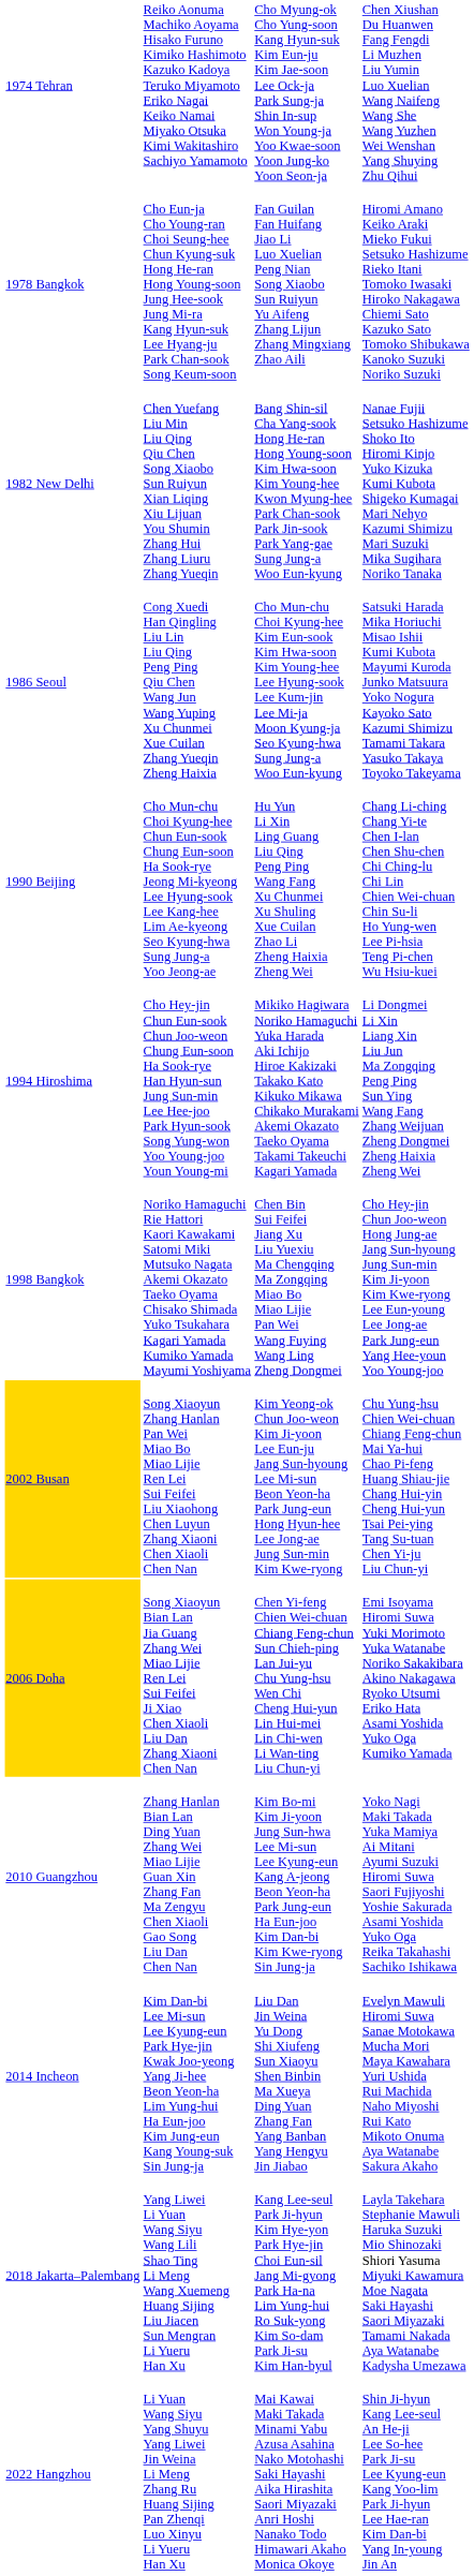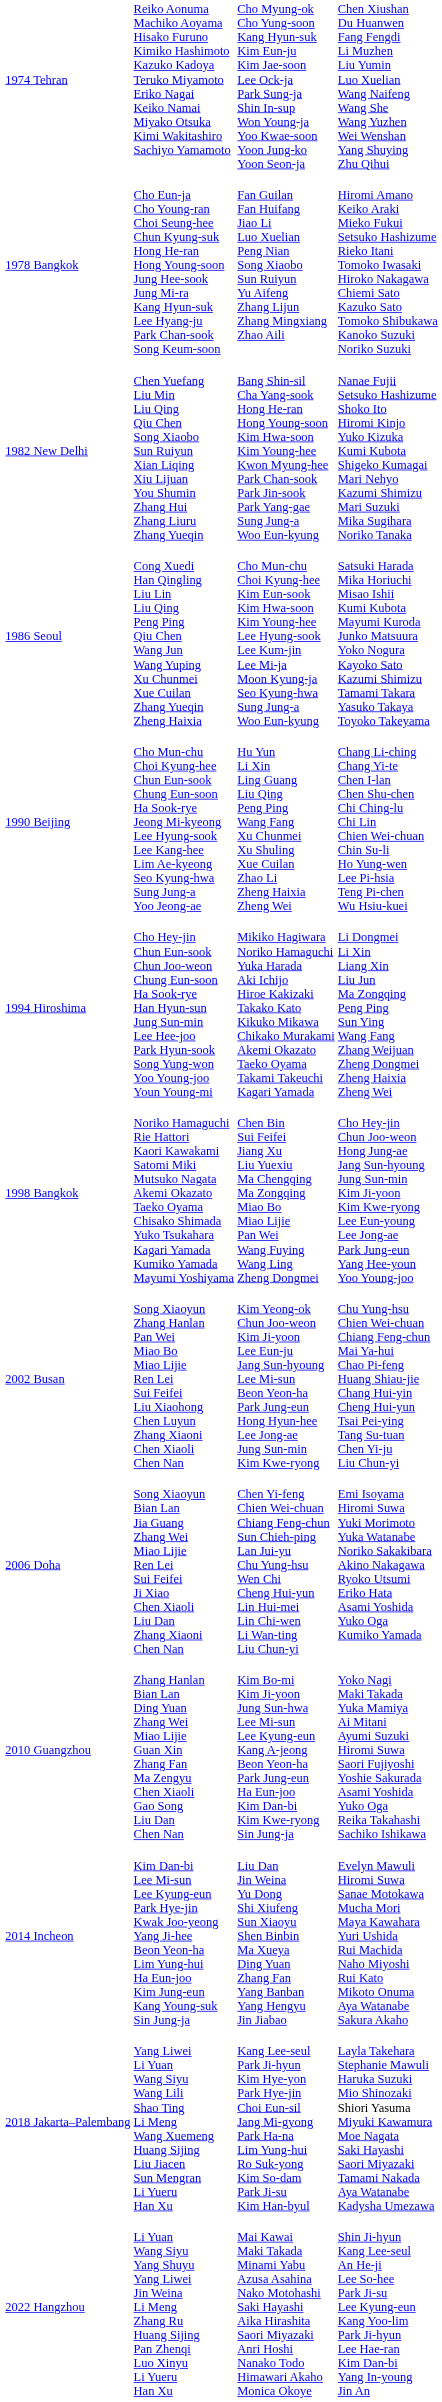 <table>
 <tr>
 <td><a href='#'>1974 Tehran</a></td>
 <td valign=top><br><a href='#'>Reiko Aonuma</a><br><a href='#'>Machiko Aoyama</a><br><a href='#'>Hisako Furuno</a><br><a href='#'>Kimiko Hashimoto</a><br><a href='#'>Kazuko Kadoya</a><br><a href='#'>Teruko Miyamoto</a><br><a href='#'>Eriko Nagai</a><br><a href='#'>Keiko Namai</a><br><a href='#'>Miyako Otsuka</a><br><a href='#'>Kimi Wakitashiro</a><br><a href='#'>Sachiyo Yamamoto</a></td>
 <td><br><a href='#'>Cho Myung-ok</a><br><a href='#'>Cho Yung-soon</a><br><a href='#'>Kang Hyun-suk</a><br><a href='#'>Kim Eun-ju</a><br><a href='#'>Kim Jae-soon</a><br><a href='#'>Lee Ock-ja</a><br><a href='#'>Park Sung-ja</a><br><a href='#'>Shin In-sup</a><br><a href='#'>Won Young-ja</a><br><a href='#'>Yoo Kwae-soon</a><br><a href='#'>Yoon Jung-ko</a><br><a href='#'>Yoon Seon-ja</a></td>
 <td><br><a href='#'>Chen Xiushan</a><br><a href='#'>Du Huanwen</a><br><a href='#'>Fang Fengdi</a><br><a href='#'>Li Muzhen</a><br><a href='#'>Liu Yumin</a><br><a href='#'>Luo Xuelian</a><br><a href='#'>Wang Naifeng</a><br><a href='#'>Wang She</a><br><a href='#'>Wang Yuzhen</a><br><a href='#'>Wei Wenshan</a><br><a href='#'>Yang Shuying</a><br><a href='#'>Zhu Qihui</a></td>
 </tr>
 <tr>
 <td><a href='#'>1978 Bangkok</a></td>
 <td><br><a href='#'>Cho Eun-ja</a><br><a href='#'>Cho Young-ran</a><br><a href='#'>Choi Seung-hee</a><br><a href='#'>Chun Kyung-suk</a><br><a href='#'>Hong He-ran</a><br><a href='#'>Hong Young-soon</a><br><a href='#'>Jung Hee-sook</a><br><a href='#'>Jung Mi-ra</a><br><a href='#'>Kang Hyun-suk</a><br><a href='#'>Lee Hyang-ju</a><br><a href='#'>Park Chan-sook</a><br><a href='#'>Song Keum-soon</a></td>
 <td valign=top><br><a href='#'>Fan Guilan</a><br><a href='#'>Fan Huifang</a><br><a href='#'>Jiao Li</a><br><a href='#'>Luo Xuelian</a><br><a href='#'>Peng Nian</a><br><a href='#'>Song Xiaobo</a><br><a href='#'>Sun Ruiyun</a><br><a href='#'>Yu Aifeng</a><br><a href='#'>Zhang Lijun</a><br><a href='#'>Zhang Mingxiang</a><br><a href='#'>Zhao Aili</a></td>
 <td><br><a href='#'>Hiromi Amano</a><br><a href='#'>Keiko Araki</a><br><a href='#'>Mieko Fukui</a><br><a href='#'>Setsuko Hashizume</a><br><a href='#'>Rieko Itani</a><br><a href='#'>Tomoko Iwasaki</a><br><a href='#'>Hiroko Nakagawa</a><br><a href='#'>Chiemi Sato</a><br><a href='#'>Kazuko Sato</a><br><a href='#'>Tomoko Shibukawa</a><br><a href='#'>Kanoko Suzuki</a><br><a href='#'>Noriko Suzuki</a></td>
 </tr>
 <tr>
 <td><a href='#'>1982 New Delhi</a></td>
 <td><br><a href='#'>Chen Yuefang</a><br><a href='#'>Liu Min</a><br><a href='#'>Liu Qing</a><br><a href='#'>Qiu Chen</a><br><a href='#'>Song Xiaobo</a><br><a href='#'>Sun Ruiyun</a><br><a href='#'>Xian Liqing</a><br><a href='#'>Xiu Lijuan</a><br><a href='#'>You Shumin</a><br><a href='#'>Zhang Hui</a><br><a href='#'>Zhang Liuru</a><br><a href='#'>Zhang Yueqin</a></td>
 <td><br><a href='#'>Bang Shin-sil</a><br><a href='#'>Cha Yang-sook</a><br><a href='#'>Hong He-ran</a><br><a href='#'>Hong Young-soon</a><br><a href='#'>Kim Hwa-soon</a><br><a href='#'>Kim Young-hee</a><br><a href='#'>Kwon Myung-hee</a><br><a href='#'>Park Chan-sook</a><br><a href='#'>Park Jin-sook</a><br><a href='#'>Park Yang-gae</a><br><a href='#'>Sung Jung-a</a><br><a href='#'>Woo Eun-kyung</a></td>
 <td><br><a href='#'>Nanae Fujii</a><br><a href='#'>Setsuko Hashizume</a><br><a href='#'>Shoko Ito</a><br><a href='#'>Hiromi Kinjo</a><br><a href='#'>Yuko Kizuka</a><br><a href='#'>Kumi Kubota</a><br><a href='#'>Shigeko Kumagai</a><br><a href='#'>Mari Nehyo</a><br><a href='#'>Kazumi Shimizu</a><br><a href='#'>Mari Suzuki</a><br><a href='#'>Mika Sugihara</a><br><a href='#'>Noriko Tanaka</a></td>
 </tr>
 <tr>
 <td><a href='#'>1986 Seoul</a></td>
 <td><br><a href='#'>Cong Xuedi</a><br><a href='#'>Han Qingling</a><br><a href='#'>Liu Lin</a><br><a href='#'>Liu Qing</a><br><a href='#'>Peng Ping</a><br><a href='#'>Qiu Chen</a><br><a href='#'>Wang Jun</a><br><a href='#'>Wang Yuping</a><br><a href='#'>Xu Chunmei</a><br><a href='#'>Xue Cuilan</a><br><a href='#'>Zhang Yueqin</a><br><a href='#'>Zheng Haixia</a></td>
 <td><br><a href='#'>Cho Mun-chu</a><br><a href='#'>Choi Kyung-hee</a><br><a href='#'>Kim Eun-sook</a><br><a href='#'>Kim Hwa-soon</a><br><a href='#'>Kim Young-hee</a><br><a href='#'>Lee Hyung-sook</a><br><a href='#'>Lee Kum-jin</a><br><a href='#'>Lee Mi-ja</a><br><a href='#'>Moon Kyung-ja</a><br><a href='#'>Seo Kyung-hwa</a><br><a href='#'>Sung Jung-a</a><br><a href='#'>Woo Eun-kyung</a></td>
 <td><br><a href='#'>Satsuki Harada</a><br><a href='#'>Mika Horiuchi</a><br><a href='#'>Misao Ishii</a><br><a href='#'>Kumi Kubota</a><br><a href='#'>Mayumi Kuroda</a><br><a href='#'>Junko Matsuura</a><br><a href='#'>Yoko Nogura</a><br><a href='#'>Kayoko Sato</a><br><a href='#'>Kazumi Shimizu</a><br><a href='#'>Tamami Takara</a><br><a href='#'>Yasuko Takaya</a><br><a href='#'>Toyoko Takeyama</a></td>
 </tr>
 <tr>
 <td><a href='#'>1990 Beijing</a></td>
 <td><br><a href='#'>Cho Mun-chu</a><br><a href='#'>Choi Kyung-hee</a><br><a href='#'>Chun Eun-sook</a><br><a href='#'>Chung Eun-soon</a><br><a href='#'>Ha Sook-rye</a><br><a href='#'>Jeong Mi-kyeong</a><br><a href='#'>Lee Hyung-sook</a><br><a href='#'>Lee Kang-hee</a><br><a href='#'>Lim Ae-kyeong</a><br><a href='#'>Seo Kyung-hwa</a><br><a href='#'>Sung Jung-a</a><br><a href='#'>Yoo Jeong-ae</a></td>
 <td><br><a href='#'>Hu Yun</a><br><a href='#'>Li Xin</a><br><a href='#'>Ling Guang</a><br><a href='#'>Liu Qing</a><br><a href='#'>Peng Ping</a><br><a href='#'>Wang Fang</a><br><a href='#'>Xu Chunmei</a><br><a href='#'>Xu Shuling</a><br><a href='#'>Xue Cuilan</a><br><a href='#'>Zhao Li</a><br><a href='#'>Zheng Haixia</a><br><a href='#'>Zheng Wei</a></td>
 <td><br><a href='#'>Chang Li-ching</a><br><a href='#'>Chang Yi-te</a><br><a href='#'>Chen I-lan</a><br><a href='#'>Chen Shu-chen</a><br><a href='#'>Chi Ching-lu</a><br><a href='#'>Chi Lin</a><br><a href='#'>Chien Wei-chuan</a><br><a href='#'>Chin Su-li</a><br><a href='#'>Ho Yung-wen</a><br><a href='#'>Lee Pi-hsia</a><br><a href='#'>Teng Pi-chen</a><br><a href='#'>Wu Hsiu-kuei</a></td>
 </tr>
 <tr>
 <td><a href='#'>1994 Hiroshima</a></td>
 <td><br><a href='#'>Cho Hey-jin</a><br><a href='#'>Chun Eun-sook</a><br><a href='#'>Chun Joo-weon</a><br><a href='#'>Chung Eun-soon</a><br><a href='#'>Ha Sook-rye</a><br><a href='#'>Han Hyun-sun</a><br><a href='#'>Jung Sun-min</a><br><a href='#'>Lee Hee-joo</a><br><a href='#'>Park Hyun-sook</a><br><a href='#'>Song Yung-won</a><br><a href='#'>Yoo Young-joo</a><br><a href='#'>Youn Young-mi</a></td>
 <td><br><a href='#'>Mikiko Hagiwara</a><br><a href='#'>Noriko Hamaguchi</a><br><a href='#'>Yuka Harada</a><br><a href='#'>Aki Ichijo</a><br><a href='#'>Hiroe Kakizaki</a><br><a href='#'>Takako Kato</a><br><a href='#'>Kikuko Mikawa</a><br><a href='#'>Chikako Murakami</a><br><a href='#'>Akemi Okazato</a><br><a href='#'>Taeko Oyama</a><br><a href='#'>Takami Takeuchi</a><br><a href='#'>Kagari Yamada</a></td>
 <td><br><a href='#'>Li Dongmei</a><br><a href='#'>Li Xin</a><br><a href='#'>Liang Xin</a><br><a href='#'>Liu Jun</a><br><a href='#'>Ma Zongqing</a><br><a href='#'>Peng Ping</a><br><a href='#'>Sun Ying</a><br><a href='#'>Wang Fang</a><br><a href='#'>Zhang Weijuan</a><br><a href='#'>Zheng Dongmei</a><br><a href='#'>Zheng Haixia</a><br><a href='#'>Zheng Wei</a></td>
 </tr>
 <tr>
 <td><a href='#'>1998 Bangkok</a></td>
 <td><br><a href='#'>Noriko Hamaguchi</a><br><a href='#'>Rie Hattori</a><br><a href='#'>Kaori Kawakami</a><br><a href='#'>Satomi Miki</a><br><a href='#'>Mutsuko Nagata</a><br><a href='#'>Akemi Okazato</a><br><a href='#'>Taeko Oyama</a><br><a href='#'>Chisako Shimada</a><br><a href='#'>Yuko Tsukahara</a><br><a href='#'>Kagari Yamada</a><br><a href='#'>Kumiko Yamada</a><br><a href='#'>Mayumi Yoshiyama</a></td>
 <td><br><a href='#'>Chen Bin</a><br><a href='#'>Sui Feifei</a><br><a href='#'>Jiang Xu</a><br><a href='#'>Liu Yuexiu</a><br><a href='#'>Ma Chengqing</a><br><a href='#'>Ma Zongqing</a><br><a href='#'>Miao Bo</a><br><a href='#'>Miao Lijie</a><br><a href='#'>Pan Wei</a><br><a href='#'>Wang Fuying</a><br><a href='#'>Wang Ling</a><br><a href='#'>Zheng Dongmei</a></td>
 <td><br><a href='#'>Cho Hey-jin</a><br><a href='#'>Chun Joo-weon</a><br><a href='#'>Hong Jung-ae</a><br><a href='#'>Jang Sun-hyoung</a><br><a href='#'>Jung Sun-min</a><br><a href='#'>Kim Ji-yoon</a><br><a href='#'>Kim Kwe-ryong</a><br><a href='#'>Lee Eun-young</a><br><a href='#'>Lee Jong-ae</a><br><a href='#'>Park Jung-eun</a><br><a href='#'>Yang Hee-youn</a><br><a href='#'>Yoo Young-joo</a></td>
 </tr>
 <tr>
-<td style="background: gold;"><a href='#'>2002 Busan</a></td>
+<td><a href='#'>2002 Busan</a></td>
 <td><br><a href='#'>Song Xiaoyun</a><br><a href='#'>Zhang Hanlan</a><br><a href='#'>Pan Wei</a><br><a href='#'>Miao Bo</a><br><a href='#'>Miao Lijie</a><br><a href='#'>Ren Lei</a><br><a href='#'>Sui Feifei</a><br><a href='#'>Liu Xiaohong</a><br><a href='#'>Chen Luyun</a><br><a href='#'>Zhang Xiaoni</a><br><a href='#'>Chen Xiaoli</a><br><a href='#'>Chen Nan</a></td>
 <td><br><a href='#'>Kim Yeong-ok</a><br><a href='#'>Chun Joo-weon</a><br><a href='#'>Kim Ji-yoon</a><br><a href='#'>Lee Eun-ju</a><br><a href='#'>Jang Sun-hyoung</a><br><a href='#'>Lee Mi-sun</a><br><a href='#'>Beon Yeon-ha</a><br><a href='#'>Park Jung-eun</a><br><a href='#'>Hong Hyun-hee</a><br><a href='#'>Lee Jong-ae</a><br><a href='#'>Jung Sun-min</a><br><a href='#'>Kim Kwe-ryong</a></td>
 <td><br><a href='#'>Chu Yung-hsu</a><br><a href='#'>Chien Wei-chuan</a><br><a href='#'>Chiang Feng-chun</a><br><a href='#'>Mai Ya-hui</a><br><a href='#'>Chao Pi-feng</a><br><a href='#'>Huang Shiau-jie</a><br><a href='#'>Chang Hui-yin</a><br><a href='#'>Cheng Hui-yun</a><br><a href='#'>Tsai Pei-ying</a><br><a href='#'>Tang Su-tuan</a><br><a href='#'>Chen Yi-ju</a><br><a href='#'>Liu Chun-yi</a></td>
 </tr>
 <tr>
-<td style="background: gold;"><a href='#'>2006 Doha</a></td>
+<td><a href='#'>2006 Doha</a></td>
 <td><br><a href='#'>Song Xiaoyun</a><br><a href='#'>Bian Lan</a><br><a href='#'>Jia Guang</a><br><a href='#'>Zhang Wei</a><br><a href='#'>Miao Lijie</a><br><a href='#'>Ren Lei</a><br><a href='#'>Sui Feifei</a><br><a href='#'>Ji Xiao</a><br><a href='#'>Chen Xiaoli</a><br><a href='#'>Liu Dan</a><br><a href='#'>Zhang Xiaoni</a><br><a href='#'>Chen Nan</a></td>
 <td><br><a href='#'>Chen Yi-feng</a><br><a href='#'>Chien Wei-chuan</a><br><a href='#'>Chiang Feng-chun</a><br><a href='#'>Sun Chieh-ping</a><br><a href='#'>Lan Jui-yu</a><br><a href='#'>Chu Yung-hsu</a><br><a href='#'>Wen Chi</a><br><a href='#'>Cheng Hui-yun</a><br><a href='#'>Lin Hui-mei</a><br><a href='#'>Lin Chi-wen</a><br><a href='#'>Li Wan-ting</a><br><a href='#'>Liu Chun-yi</a></td>
 <td valign=top><br><a href='#'>Emi Isoyama</a><br><a href='#'>Hiromi Suwa</a><br><a href='#'>Yuki Morimoto</a><br><a href='#'>Yuka Watanabe</a><br><a href='#'>Noriko Sakakibara</a><br><a href='#'>Akino Nakagawa</a><br><a href='#'>Ryoko Utsumi</a><br><a href='#'>Eriko Hata</a><br><a href='#'>Asami Yoshida</a><br><a href='#'>Yuko Oga</a><br><a href='#'>Kumiko Yamada</a></td>
 </tr>
 <tr>
 <td><a href='#'>2010 Guangzhou</a></td>
 <td><br><a href='#'>Zhang Hanlan</a><br><a href='#'>Bian Lan</a><br><a href='#'>Ding Yuan</a><br><a href='#'>Zhang Wei</a><br><a href='#'>Miao Lijie</a><br><a href='#'>Guan Xin</a><br><a href='#'>Zhang Fan</a><br><a href='#'>Ma Zengyu</a><br><a href='#'>Chen Xiaoli</a><br><a href='#'>Gao Song</a><br><a href='#'>Liu Dan</a><br><a href='#'>Chen Nan</a></td>
 <td><br><a href='#'>Kim Bo-mi</a><br><a href='#'>Kim Ji-yoon</a><br><a href='#'>Jung Sun-hwa</a><br><a href='#'>Lee Mi-sun</a><br><a href='#'>Lee Kyung-eun</a><br><a href='#'>Kang A-jeong</a><br><a href='#'>Beon Yeon-ha</a><br><a href='#'>Park Jung-eun</a><br><a href='#'>Ha Eun-joo</a><br><a href='#'>Kim Dan-bi</a><br><a href='#'>Kim Kwe-ryong</a><br><a href='#'>Sin Jung-ja</a></td>
 <td><br><a href='#'>Yoko Nagi</a><br><a href='#'>Maki Takada</a><br><a href='#'>Yuka Mamiya</a><br><a href='#'>Ai Mitani</a><br><a href='#'>Ayumi Suzuki</a><br><a href='#'>Hiromi Suwa</a><br><a href='#'>Saori Fujiyoshi</a><br><a href='#'>Yoshie Sakurada</a><br><a href='#'>Asami Yoshida</a><br><a href='#'>Yuko Oga</a><br><a href='#'>Reika Takahashi</a><br><a href='#'>Sachiko Ishikawa</a></td>
 </tr>
 <tr>
 <td><a href='#'>2014 Incheon</a></td>
 <td><br><a href='#'>Kim Dan-bi</a><br><a href='#'>Lee Mi-sun</a><br><a href='#'>Lee Kyung-eun</a><br><a href='#'>Park Hye-jin</a><br><a href='#'>Kwak Joo-yeong</a><br><a href='#'>Yang Ji-hee</a><br><a href='#'>Beon Yeon-ha</a><br><a href='#'>Lim Yung-hui</a><br><a href='#'>Ha Eun-joo</a><br><a href='#'>Kim Jung-eun</a><br><a href='#'>Kang Young-suk</a><br><a href='#'>Sin Jung-ja</a></td>
 <td><br><a href='#'>Liu Dan</a><br><a href='#'>Jin Weina</a><br><a href='#'>Yu Dong</a><br><a href='#'>Shi Xiufeng</a><br><a href='#'>Sun Xiaoyu</a><br><a href='#'>Shen Binbin</a><br><a href='#'>Ma Xueya</a><br><a href='#'>Ding Yuan</a><br><a href='#'>Zhang Fan</a><br><a href='#'>Yang Banban</a><br><a href='#'>Yang Hengyu</a><br><a href='#'>Jin Jiabao</a></td>
 <td><br><a href='#'>Evelyn Mawuli</a><br><a href='#'>Hiromi Suwa</a><br><a href='#'>Sanae Motokawa</a><br><a href='#'>Mucha Mori</a><br><a href='#'>Maya Kawahara</a><br><a href='#'>Yuri Ushida</a><br><a href='#'>Rui Machida</a><br><a href='#'>Naho Miyoshi</a><br><a href='#'>Rui Kato</a><br><a href='#'>Mikoto Onuma</a><br><a href='#'>Aya Watanabe</a><br><a href='#'>Sakura Akaho</a></td>
 </tr>
 <tr>
 <td><a href='#'>2018 Jakarta–Palembang</a></td>
 <td><br><a href='#'>Yang Liwei</a><br><a href='#'>Li Yuan</a><br><a href='#'>Wang Siyu</a><br><a href='#'>Wang Lili</a><br><a href='#'>Shao Ting</a><br><a href='#'>Li Meng</a><br><a href='#'>Wang Xuemeng</a><br><a href='#'>Huang Sijing</a><br><a href='#'>Liu Jiacen</a><br><a href='#'>Sun Mengran</a><br><a href='#'>Li Yueru</a><br><a href='#'>Han Xu</a></td>
 <td><br><a href='#'>Kang Lee-seul</a><br><a href='#'>Park Ji-hyun</a><br><a href='#'>Kim Hye-yon</a><br><a href='#'>Park Hye-jin</a><br><a href='#'>Choi Eun-sil</a><br><a href='#'>Jang Mi-gyong</a><br><a href='#'>Park Ha-na</a><br><a href='#'>Lim Yung-hui</a><br><a href='#'>Ro Suk-yong</a><br><a href='#'>Kim So-dam</a><br><a href='#'>Park Ji-su</a><br><a href='#'>Kim Han-byul</a></td>
 <td><br><a href='#'>Layla Takehara</a><br><a href='#'>Stephanie Mawuli</a><br><a href='#'>Haruka Suzuki</a><br><a href='#'>Mio Shinozaki</a><br>Shiori Yasuma<br><a href='#'>Miyuki Kawamura</a><br><a href='#'>Moe Nagata</a><br><a href='#'>Saki Hayashi</a><br><a href='#'>Saori Miyazaki</a><br><a href='#'>Tamami Nakada</a><br><a href='#'>Aya Watanabe</a><br><a href='#'>Kadysha Umezawa</a></td>
 </tr>
 <tr>
 <td><a href='#'>2022 Hangzhou</a></td>
 <td><br><a href='#'>Li Yuan</a><br><a href='#'>Wang Siyu</a><br><a href='#'>Yang Shuyu</a><br><a href='#'>Yang Liwei</a><br><a href='#'>Jin Weina</a><br><a href='#'>Li Meng</a><br><a href='#'>Zhang Ru</a><br><a href='#'>Huang Sijing</a><br><a href='#'>Pan Zhenqi</a><br><a href='#'>Luo Xinyu</a><br><a href='#'>Li Yueru</a><br><a href='#'>Han Xu</a></td>
 <td><br><a href='#'>Mai Kawai</a><br><a href='#'>Maki Takada</a><br><a href='#'>Minami Yabu</a><br><a href='#'>Azusa Asahina</a><br><a href='#'>Nako Motohashi</a><br><a href='#'>Saki Hayashi</a><br><a href='#'>Aika Hirashita</a><br><a href='#'>Saori Miyazaki</a><br><a href='#'>Anri Hoshi</a><br><a href='#'>Nanako Todo</a><br><a href='#'>Himawari Akaho</a><br><a href='#'>Monica Okoye</a></td>
 <td><br><a href='#'>Shin Ji-hyun</a><br><a href='#'>Kang Lee-seul</a><br><a href='#'>An He-ji</a><br><a href='#'>Lee So-hee</a><br><a href='#'>Park Ji-su</a><br><a href='#'>Lee Kyung-eun</a><br><a href='#'>Kang Yoo-lim</a><br><a href='#'>Park Ji-hyun</a><br><a href='#'>Lee Hae-ran</a><br><a href='#'>Kim Dan-bi</a><br><a href='#'>Yang In-young</a><br><a href='#'>Jin An</a></td>
 </tr>
 </table>
